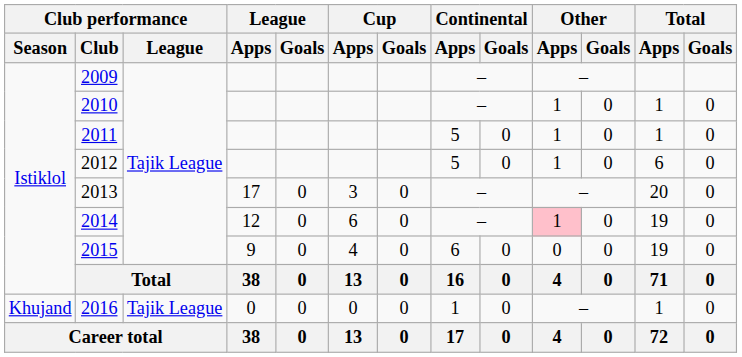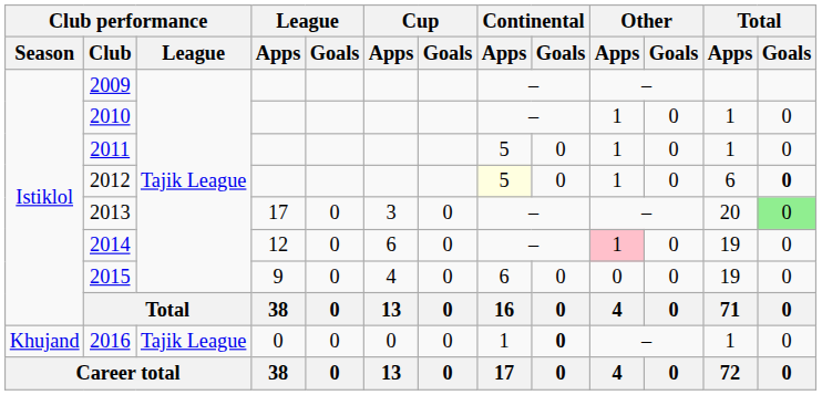 <table class="wikitable" style="text-align:center;">
 <tr>
 <th colspan=3>Club performance</th>
 <th colspan=2>League</th>
 <th colspan=2>Cup</th>
 <th colspan=2>Continental</th>
 <th colspan=2>Other</th>
 <th colspan=2>Total</th>
 </tr>
 <tr>
 <th>Season</th>
 <th>Club</th>
 <th>League</th>
 <th>Apps</th>
 <th>Goals</th>
 <th>Apps</th>
 <th>Goals</th>
 <th>Apps</th>
 <th>Goals</th>
 <th>Apps</th>
 <th>Goals</th>
 <th>Apps</th>
 <th>Goals</th>
 </tr>
 <tr>
 <td rowspan="8"><a href='#'>Istiklol</a></td>
 <td><a href='#'>2009</a></td>
 <td rowspan="7"><a href='#'>Tajik League</a></td>
 <td></td>
 <td></td>
 <td></td>
 <td></td>
 <td colspan="2">–</td>
 <td colspan="2">–</td>
 <td></td>
 <td></td>
 </tr>
 <tr>
 <td><a href='#'>2010</a></td>
 <td></td>
 <td></td>
 <td></td>
 <td></td>
 <td colspan="2">–</td>
 <td>1</td>
 <td>0</td>
 <td>1</td>
 <td>0</td>
 </tr>
 <tr>
 <td><a href='#'>2011</a></td>
 <td></td>
 <td></td>
 <td></td>
 <td></td>
 <td>5</td>
 <td>0</td>
 <td>1</td>
 <td>0</td>
 <td>1</td>
 <td>0</td>
 </tr>
 <tr>
 <td>2012</td>
 <td></td>
 <td></td>
 <td></td>
 <td></td>
-<td>5</td>
+<td style="background: lightyellow;">5</td>
 <td>0</td>
 <td>1</td>
 <td>0</td>
 <td>6</td>
-<td>0</td>
+<td><strong>0</strong></td>
 </tr>
 <tr>
 <td>2013</td>
 <td>17</td>
 <td>0</td>
 <td>3</td>
 <td>0</td>
 <td colspan="2">–</td>
 <td colspan="2">–</td>
 <td>20</td>
-<td>0</td>
+<td style="background: lightgreen;">0</td>
 </tr>
 <tr>
 <td><a href='#'>2014</a></td>
 <td>12</td>
 <td>0</td>
 <td>6</td>
 <td>0</td>
 <td colspan="2">–</td>
 <td style="background: pink;">1</td>
 <td>0</td>
 <td>19</td>
 <td>0</td>
 </tr>
 <tr>
 <td><a href='#'>2015</a></td>
 <td>9</td>
 <td>0</td>
 <td>4</td>
 <td>0</td>
 <td>6</td>
 <td>0</td>
 <td>0</td>
 <td>0</td>
 <td>19</td>
 <td>0</td>
 </tr>
 <tr>
 <th colspan=2>Total</th>
 <th>38</th>
 <th>0</th>
 <th>13</th>
 <th>0</th>
 <th>16</th>
 <th>0</th>
 <th>4</th>
 <th>0</th>
 <th>71</th>
 <th>0</th>
 </tr>
 <tr>
 <td><a href='#'>Khujand</a></td>
 <td><a href='#'>2016</a></td>
 <td><a href='#'>Tajik League</a></td>
 <td>0</td>
 <td>0</td>
 <td>0</td>
 <td>0</td>
 <td>1</td>
-<td>0</td>
+<td><strong>0</strong></td>
 <td colspan="2">–</td>
 <td>1</td>
 <td>0</td>
 </tr>
 <tr>
 <th colspan=3>Career total</th>
 <th>38</th>
 <th>0</th>
 <th>13</th>
 <th>0</th>
 <th>17</th>
 <th>0</th>
 <th>4</th>
 <th>0</th>
 <th>72</th>
 <th>0</th>
 </tr>
 </table>
